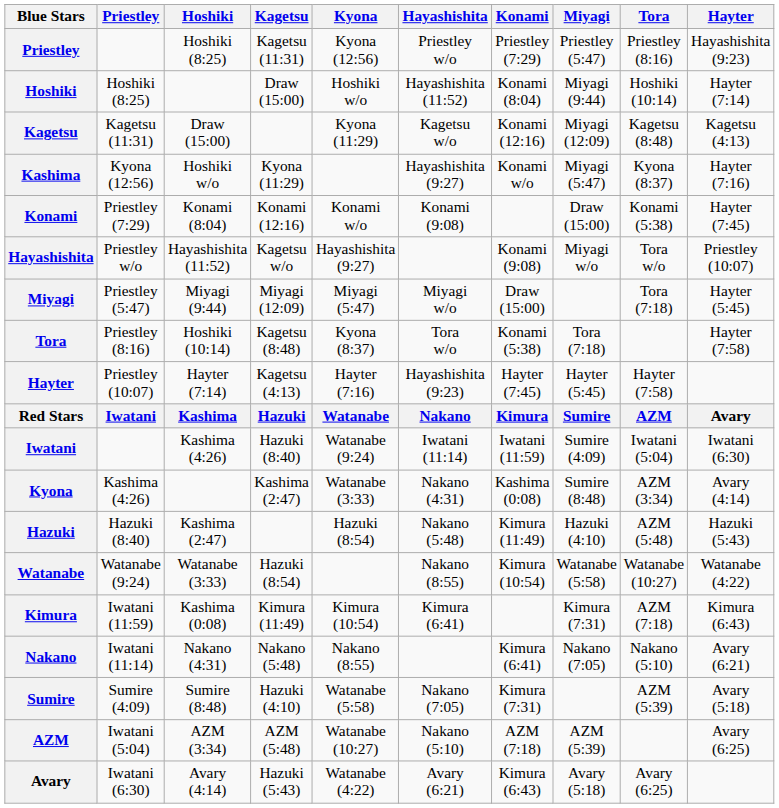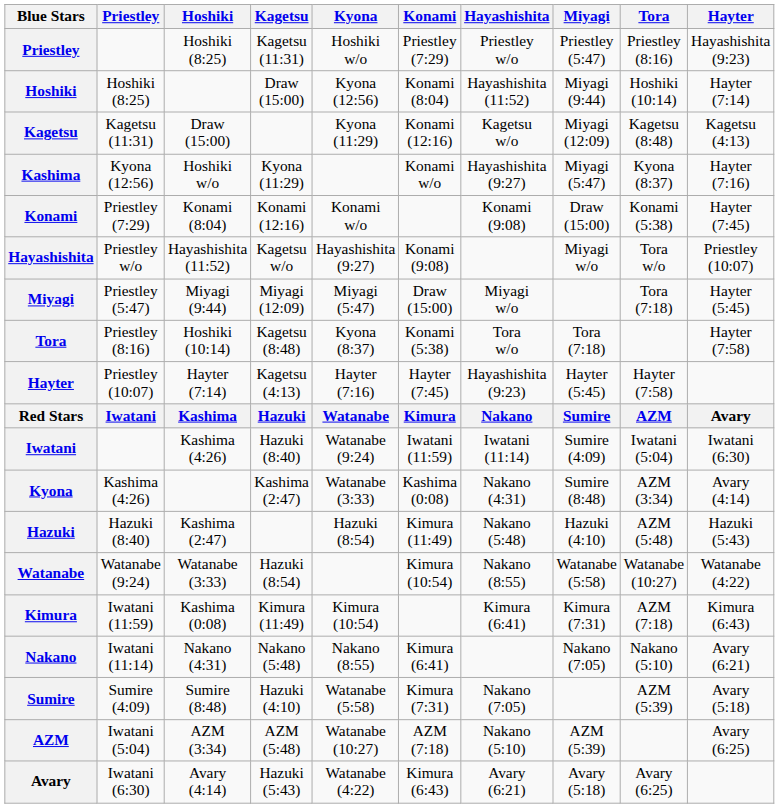 <table class="wikitable" style="text-align:center; margin: 1em auto 1em auto;" width="25%">
 <tr>
 <th>Blue Stars</th>
 <th><a href='#'>Priestley</a></th>
 <th><a href='#'>Hoshiki</a></th>
 <th><a href='#'>Kagetsu</a></th>
 <th><a href='#'>Kyona</a></th>
+<th><a href='#'>Konami</a></th>
 <th><a href='#'>Hayashishita</a></th>
-<th><a href='#'>Konami</a></th>
 <th><a href='#'>Miyagi</a></th>
 <th><a href='#'>Tora</a></th>
 <th><a href='#'>Hayter</a></th>
 </tr>
 <tr>
 <th><a href='#'>Priestley</a></th>
 <td></td>
 <td>Hoshiki<br>(8:25)</td>
 <td>Kagetsu<br>(11:31)</td>
-<td>Kyona<br>(12:56)</td>
+<td>Hoshiki<br>w/o</td>
+<td>Priestley<br>(7:29)</td>
 <td>Priestley<br>w/o</td>
-<td>Priestley<br>(7:29)</td>
 <td>Priestley<br>(5:47)</td>
 <td>Priestley<br>(8:16)</td>
 <td>Hayashishita<br>(9:23)</td>
 </tr>
 <tr>
 <th><a href='#'>Hoshiki</a></th>
 <td>Hoshiki<br>(8:25)</td>
 <td></td>
 <td>Draw<br>(15:00)</td>
-<td>Hoshiki<br>w/o</td>
+<td>Kyona<br>(12:56)</td>
+<td>Konami<br>(8:04)</td>
 <td>Hayashishita<br>(11:52)</td>
-<td>Konami<br>(8:04)</td>
 <td>Miyagi<br>(9:44)</td>
 <td>Hoshiki<br>(10:14)</td>
 <td>Hayter<br>(7:14)</td>
 </tr>
 <tr>
 <th><a href='#'>Kagetsu</a></th>
 <td>Kagetsu<br>(11:31)</td>
 <td>Draw<br>(15:00)</td>
 <td></td>
 <td>Kyona<br>(11:29)</td>
+<td>Konami<br>(12:16)</td>
 <td>Kagetsu<br>w/o</td>
-<td>Konami<br>(12:16)</td>
 <td>Miyagi<br>(12:09)</td>
 <td>Kagetsu<br>(8:48)</td>
 <td>Kagetsu<br>(4:13)</td>
 </tr>
 <tr>
 <th><a href='#'>Kashima</a></th>
 <td>Kyona<br>(12:56)</td>
 <td>Hoshiki<br>w/o</td>
 <td>Kyona<br>(11:29)</td>
 <td></td>
+<td>Konami<br>w/o</td>
 <td>Hayashishita<br>(9:27)</td>
-<td>Konami<br>w/o</td>
 <td>Miyagi<br>(5:47)</td>
 <td>Kyona<br>(8:37)</td>
 <td>Hayter<br>(7:16)</td>
 </tr>
 <tr>
 <th><a href='#'>Konami</a></th>
 <td>Priestley<br>(7:29)</td>
 <td>Konami<br>(8:04)</td>
 <td>Konami<br>(12:16)</td>
 <td>Konami<br>w/o</td>
+<td></td>
 <td>Konami<br>(9:08)</td>
-<td></td>
 <td>Draw<br>(15:00)</td>
 <td>Konami<br>(5:38)</td>
 <td>Hayter<br>(7:45)</td>
 </tr>
 <tr>
 <th><a href='#'>Hayashishita</a></th>
 <td>Priestley<br>w/o</td>
 <td>Hayashishita<br>(11:52)</td>
 <td>Kagetsu<br>w/o</td>
 <td>Hayashishita<br>(9:27)</td>
+<td>Konami<br>(9:08)</td>
 <td></td>
-<td>Konami<br>(9:08)</td>
 <td>Miyagi<br>w/o</td>
 <td>Tora<br>w/o</td>
 <td>Priestley<br>(10:07)</td>
 </tr>
 <tr>
 <th><a href='#'>Miyagi</a></th>
 <td>Priestley<br>(5:47)</td>
 <td>Miyagi<br>(9:44)</td>
 <td>Miyagi<br>(12:09)</td>
 <td>Miyagi<br>(5:47)</td>
+<td>Draw<br>(15:00)</td>
 <td>Miyagi<br>w/o</td>
-<td>Draw<br>(15:00)</td>
 <td></td>
 <td>Tora<br>(7:18)</td>
 <td>Hayter<br>(5:45)</td>
 </tr>
 <tr>
 <th><a href='#'>Tora</a></th>
 <td>Priestley<br>(8:16)</td>
 <td>Hoshiki<br>(10:14)</td>
 <td>Kagetsu<br>(8:48)</td>
 <td>Kyona<br>(8:37)</td>
+<td>Konami<br>(5:38)</td>
 <td>Tora<br>w/o</td>
-<td>Konami<br>(5:38)</td>
 <td>Tora<br>(7:18)</td>
 <td></td>
 <td>Hayter<br>(7:58)</td>
 </tr>
 <tr>
 <th><a href='#'>Hayter</a></th>
 <td>Priestley<br>(10:07)</td>
 <td>Hayter<br>(7:14)</td>
 <td>Kagetsu<br>(4:13)</td>
 <td>Hayter<br>(7:16)</td>
+<td>Hayter<br>(7:45)</td>
 <td>Hayashishita<br>(9:23)</td>
-<td>Hayter<br>(7:45)</td>
 <td>Hayter<br>(5:45)</td>
 <td>Hayter<br>(7:58)</td>
 <td></td>
 </tr>
 <tr>
 <th>Red Stars</th>
 <th><a href='#'>Iwatani</a></th>
 <th><a href='#'>Kashima</a></th>
 <th><a href='#'>Hazuki</a></th>
 <th><a href='#'>Watanabe</a></th>
+<th><a href='#'>Kimura</a></th>
 <th><a href='#'>Nakano</a></th>
-<th><a href='#'>Kimura</a></th>
 <th><a href='#'>Sumire</a></th>
 <th><a href='#'>AZM</a></th>
 <th>Avary</th>
 </tr>
 <tr>
 <th><a href='#'>Iwatani</a></th>
 <td></td>
 <td>Kashima<br>(4:26)</td>
 <td>Hazuki<br>(8:40)</td>
 <td>Watanabe<br>(9:24)</td>
+<td>Iwatani<br>(11:59)</td>
 <td>Iwatani<br>(11:14)</td>
-<td>Iwatani<br>(11:59)</td>
 <td>Sumire<br>(4:09)</td>
 <td>Iwatani<br>(5:04)</td>
 <td>Iwatani<br>(6:30)</td>
 </tr>
 <tr>
 <th><a href='#'>Kyona</a></th>
 <td>Kashima<br>(4:26)</td>
 <td></td>
 <td>Kashima<br>(2:47)</td>
 <td>Watanabe<br>(3:33)</td>
+<td>Kashima<br>(0:08)</td>
 <td>Nakano<br>(4:31)</td>
-<td>Kashima<br>(0:08)</td>
 <td>Sumire<br>(8:48)</td>
 <td>AZM<br>(3:34)</td>
 <td>Avary<br>(4:14)</td>
 </tr>
 <tr>
 <th><a href='#'>Hazuki</a></th>
 <td>Hazuki<br>(8:40)</td>
 <td>Kashima<br>(2:47)</td>
 <td></td>
 <td>Hazuki<br>(8:54)</td>
+<td>Kimura<br>(11:49)</td>
 <td>Nakano<br>(5:48)</td>
-<td>Kimura<br>(11:49)</td>
 <td>Hazuki<br>(4:10)</td>
 <td>AZM<br>(5:48)</td>
 <td>Hazuki<br>(5:43)</td>
 </tr>
 <tr>
 <th><a href='#'>Watanabe</a></th>
 <td>Watanabe<br>(9:24)</td>
 <td>Watanabe<br>(3:33)</td>
 <td>Hazuki<br>(8:54)</td>
 <td></td>
+<td>Kimura<br>(10:54)</td>
 <td>Nakano<br>(8:55)</td>
-<td>Kimura<br>(10:54)</td>
 <td>Watanabe<br>(5:58)</td>
 <td>Watanabe<br>(10:27)</td>
 <td>Watanabe<br>(4:22)</td>
 </tr>
 <tr>
 <th><a href='#'>Kimura</a></th>
 <td>Iwatani<br>(11:59)</td>
 <td>Kashima<br>(0:08)</td>
 <td>Kimura<br>(11:49)</td>
 <td>Kimura<br>(10:54)</td>
+<td></td>
 <td>Kimura<br>(6:41)</td>
-<td></td>
 <td>Kimura<br>(7:31)</td>
 <td>AZM<br>(7:18)</td>
 <td>Kimura<br>(6:43)</td>
 </tr>
 <tr>
 <th><a href='#'>Nakano</a></th>
 <td>Iwatani<br>(11:14)</td>
 <td>Nakano<br>(4:31)</td>
 <td>Nakano<br>(5:48)</td>
 <td>Nakano<br>(8:55)</td>
+<td>Kimura<br>(6:41)</td>
 <td></td>
-<td>Kimura<br>(6:41)</td>
 <td>Nakano<br>(7:05)</td>
 <td>Nakano<br>(5:10)</td>
 <td>Avary<br>(6:21)</td>
 </tr>
 <tr>
 <th><a href='#'>Sumire</a></th>
 <td>Sumire<br>(4:09)</td>
 <td>Sumire<br>(8:48)</td>
 <td>Hazuki<br>(4:10)</td>
 <td>Watanabe<br>(5:58)</td>
+<td>Kimura<br>(7:31)</td>
 <td>Nakano<br>(7:05)</td>
-<td>Kimura<br>(7:31)</td>
 <td></td>
 <td>AZM<br>(5:39)</td>
 <td>Avary<br>(5:18)</td>
 </tr>
 <tr>
 <th><a href='#'>AZM</a></th>
 <td>Iwatani<br>(5:04)</td>
 <td>AZM<br>(3:34)</td>
 <td>AZM<br>(5:48)</td>
 <td>Watanabe<br>(10:27)</td>
+<td>AZM<br>(7:18)</td>
 <td>Nakano<br>(5:10)</td>
-<td>AZM<br>(7:18)</td>
 <td>AZM<br>(5:39)</td>
 <td></td>
 <td>Avary<br>(6:25)</td>
 </tr>
 <tr>
 <th>Avary</th>
 <td>Iwatani<br>(6:30)</td>
 <td>Avary<br>(4:14)</td>
 <td>Hazuki<br>(5:43)</td>
 <td>Watanabe<br>(4:22)</td>
+<td>Kimura<br>(6:43)</td>
 <td>Avary<br>(6:21)</td>
-<td>Kimura<br>(6:43)</td>
 <td>Avary<br>(5:18)</td>
 <td>Avary<br>(6:25)</td>
 <td></td>
 </tr>
 </table>
